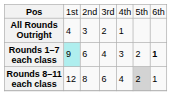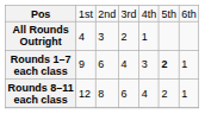 <table class="wikitable" style="font-size: 85%">
 <tr style="background:#f9f9f9" valign="top">
 <th>Pos</th>
 <td>1st</td>
 <td>2nd</td>
 <td>3rd</td>
 <td>4th</td>
 <td>5th</td>
 <td>6th</td>
 </tr>
 <tr>
 <th>All Rounds<br>Outright</th>
 <td>4</td>
 <td>3</td>
 <td>2</td>
 <td>1</td>
 <td></td>
 <td></td>
 </tr>
 <tr>
 <th>Rounds 1–7<br>each class</th>
-<td style="background: paleturquoise;">9</td>
+<td>9</td>
 <td>6</td>
 <td>4</td>
 <td>3</td>
-<td>2</td>
-<td><strong>1</strong></td>
+<td><strong>2</strong></td>
+<td>1</td>
 </tr>
 <tr>
 <th>Rounds 8–11<br>each class</th>
 <td>12</td>
 <td>8</td>
 <td>6</td>
 <td>4</td>
-<td style="background: lightgrey;">2</td>
+<td>2</td>
 <td>1</td>
 </tr>
 <tr>
 </tr>
 </table>
